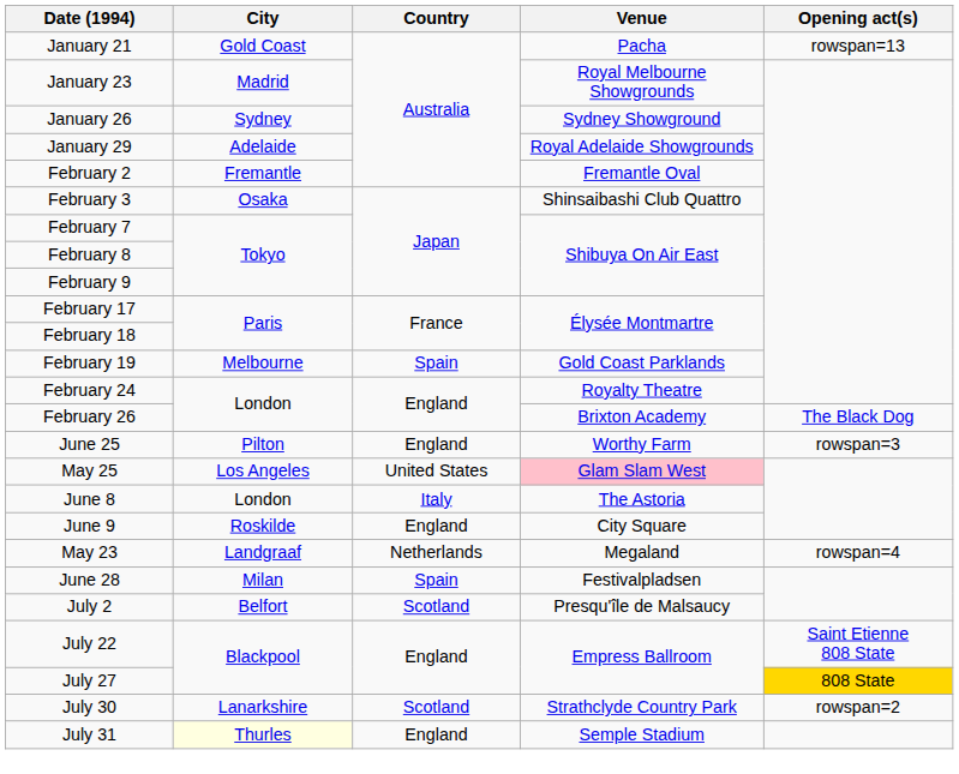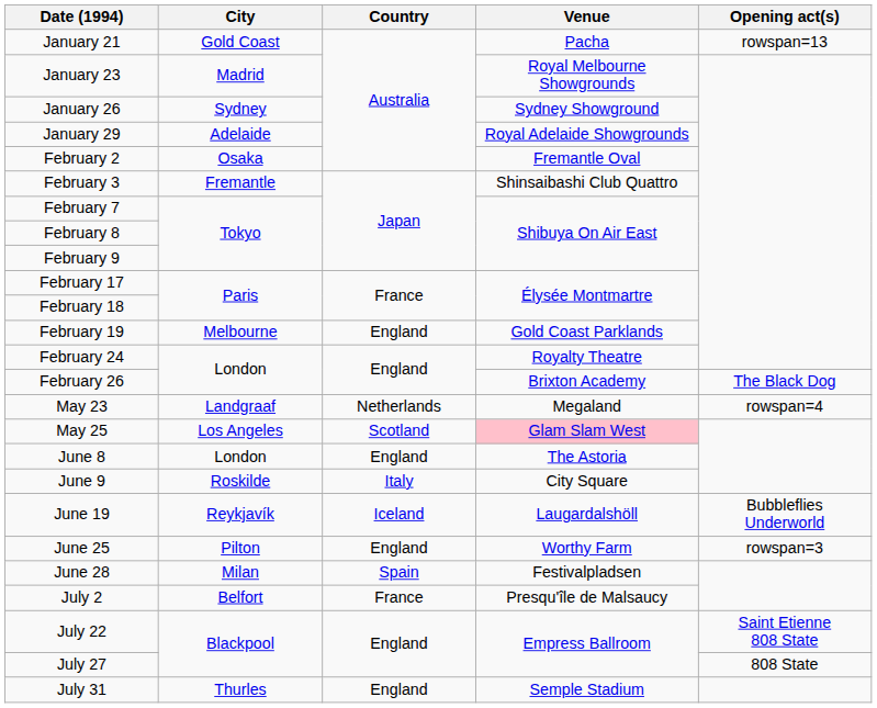 <table class="wikitable" style="text-align:center;">
 <tr>
 <th style="width:150px;">Date (1994)</th>
 <th style="width:160px;">City</th>
 <th style="width:150px;">Country</th>
 <th style="width:220px;">Venue</th>
 <th style="width:170px;">Opening act(s)</th>
 </tr>
 <tr>
 <td>January 21</td>
 <td><a href='#'>Gold Coast</a></td>
 <td rowspan="5"><a href='#'>Australia</a></td>
 <td><a href='#'>Pacha</a></td>
 <td>rowspan=13 </td>
 </tr>
 <tr>
 <td>January 23</td>
 <td><a href='#'>Madrid</a></td>
 <td><a href='#'>Royal Melbourne Showgrounds</a></td>
 </tr>
 <tr>
 <td>January 26</td>
 <td><a href='#'>Sydney</a></td>
 <td><a href='#'>Sydney Showground</a></td>
 </tr>
 <tr>
 <td>January 29</td>
 <td><a href='#'>Adelaide</a></td>
 <td><a href='#'>Royal Adelaide Showgrounds</a></td>
 </tr>
 <tr>
 <td>February 2</td>
-<td><a href='#'>Fremantle</a></td>
+<td><a href='#'>Osaka</a></td>
 <td><a href='#'>Fremantle Oval</a></td>
 </tr>
 <tr>
 <td>February 3</td>
-<td><a href='#'>Osaka</a></td>
+<td><a href='#'>Fremantle</a></td>
 <td rowspan=4><a href='#'>Japan</a></td>
 <td>Shinsaibashi Club Quattro</td>
 </tr>
 <tr>
 <td>February 7</td>
 <td rowspan=3><a href='#'>Tokyo</a></td>
 <td rowspan=3><a href='#'>Shibuya On Air East</a></td>
 </tr>
 <tr>
 <td>February 8</td>
 </tr>
 <tr>
 <td>February 9</td>
 </tr>
 <tr>
 <td>February 17</td>
 <td rowspan="2"><a href='#'>Paris</a></td>
 <td rowspan="2">France</td>
 <td rowspan="2"><a href='#'>Élysée Montmartre</a></td>
 </tr>
 <tr>
 <td>February 18</td>
 </tr>
 <tr>
 <td>February 19</td>
 <td><a href='#'>Melbourne</a></td>
-<td><a href='#'>Spain</a></td>
+<td>England</td>
 <td><a href='#'>Gold Coast Parklands</a></td>
 </tr>
 <tr>
 <td>February 24</td>
 <td rowspan="2">London</td>
 <td rowspan="2">England</td>
 <td><a href='#'>Royalty Theatre</a></td>
 </tr>
 <tr>
 <td>February 26</td>
 <td><a href='#'>Brixton Academy</a></td>
 <td><a href='#'>The Black Dog</a></td>
 </tr>
 <tr>
+<td>May 23</td>
+<td><a href='#'>Landgraaf</a></td>
+<td>Netherlands</td>
+<td>Megaland</td>
+<td>rowspan=4 </td>
+</tr>
+<tr>
+<td>May 25</td>
+<td><a href='#'>Los Angeles</a></td>
+<td><a href='#'>Scotland</a></td>
+<td style="background: pink;"><a href='#'>Glam Slam West</a></td>
+</tr>
+<tr>
+<td>June 8</td>
+<td>London</td>
+<td>England</td>
+<td><a href='#'>The Astoria</a></td>
+</tr>
+<tr>
+<td>June 9</td>
+<td><a href='#'>Roskilde</a></td>
+<td><a href='#'>Italy</a></td>
+<td>City Square</td>
+</tr>
+<tr>
+<td>June 19</td>
+<td><a href='#'>Reykjavík</a></td>
+<td><a href='#'>Iceland</a></td>
+<td><a href='#'>Laugardalshöll</a></td>
+<td>Bubbleflies<br><a href='#'>Underworld</a></td>
+</tr>
+<tr>
 <td>June 25</td>
 <td><a href='#'>Pilton</a></td>
 <td>England</td>
 <td><a href='#'>Worthy Farm</a></td>
 <td>rowspan=3 </td>
-</tr>
-<tr>
-<td>May 25</td>
-<td><a href='#'>Los Angeles</a></td>
-<td>United States</td>
-<td style="background: pink;"><a href='#'>Glam Slam West</a></td>
-</tr>
-<tr>
-<td>June 8</td>
-<td>London</td>
-<td><a href='#'>Italy</a></td>
-<td><a href='#'>The Astoria</a></td>
-</tr>
-<tr>
-<td>June 9</td>
-<td><a href='#'>Roskilde</a></td>
-<td>England</td>
-<td>City Square</td>
-</tr>
-<tr>
-<td>May 23</td>
-<td><a href='#'>Landgraaf</a></td>
-<td>Netherlands</td>
-<td>Megaland</td>
-<td>rowspan=4 </td>
 </tr>
 <tr>
 <td>June 28</td>
 <td><a href='#'>Milan</a></td>
 <td><a href='#'>Spain</a></td>
 <td>Festivalpladsen</td>
 </tr>
 <tr>
 <td>July 2</td>
 <td><a href='#'>Belfort</a></td>
-<td><a href='#'>Scotland</a></td>
+<td>France</td>
 <td>Presqu'île de Malsaucy</td>
 </tr>
 <tr>
 <td>July 22</td>
 <td rowspan="2"><a href='#'>Blackpool</a></td>
 <td rowspan="2">England</td>
 <td rowspan="2"><a href='#'>Empress Ballroom</a></td>
 <td><a href='#'>Saint Etienne</a><br><a href='#'>808 State</a></td>
 </tr>
 <tr>
 <td>July 27</td>
-<td style="background: gold;">808 State</td>
-</tr>
-<tr>
-<td>July 30</td>
-<td><a href='#'>Lanarkshire</a></td>
-<td><a href='#'>Scotland</a></td>
-<td><a href='#'>Strathclyde Country Park</a></td>
-<td>rowspan=2 </td>
+<td>808 State</td>
 </tr>
 <tr>
 <td>July 31</td>
-<td style="background: lightyellow;"><a href='#'>Thurles</a></td>
+<td><a href='#'>Thurles</a></td>
 <td>England</td>
 <td><a href='#'>Semple Stadium</a></td>
 </tr>
 </table>
